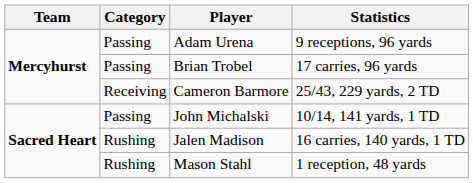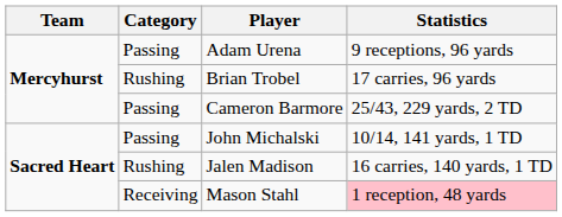 <table class="wikitable" style="float: right;">
 <tr>
 <th>Team</th>
 <th>Category</th>
 <th>Player</th>
 <th>Statistics</th>
 </tr>
 <tr>
 <td rowspan=3><strong>Mercyhurst</strong></td>
 <td>Passing</td>
 <td>Adam Urena</td>
 <td>9 receptions, 96 yards</td>
 </tr>
 <tr>
-<td>Passing</td>
+<td>Rushing</td>
 <td>Brian Trobel</td>
 <td>17 carries, 96 yards</td>
 </tr>
 <tr>
-<td>Receiving</td>
+<td>Passing</td>
 <td>Cameron Barmore</td>
 <td>25/43, 229 yards, 2 TD</td>
 </tr>
 <tr>
 <td rowspan=3><strong>Sacred Heart</strong></td>
 <td>Passing</td>
 <td>John Michalski</td>
 <td>10/14, 141 yards, 1 TD</td>
 </tr>
 <tr>
 <td>Rushing</td>
 <td>Jalen Madison</td>
 <td>16 carries, 140 yards, 1 TD</td>
 </tr>
 <tr>
-<td>Rushing</td>
+<td>Receiving</td>
 <td>Mason Stahl</td>
-<td>1 reception, 48 yards</td>
+<td style="background: pink;">1 reception, 48 yards</td>
 </tr>
 </table>
